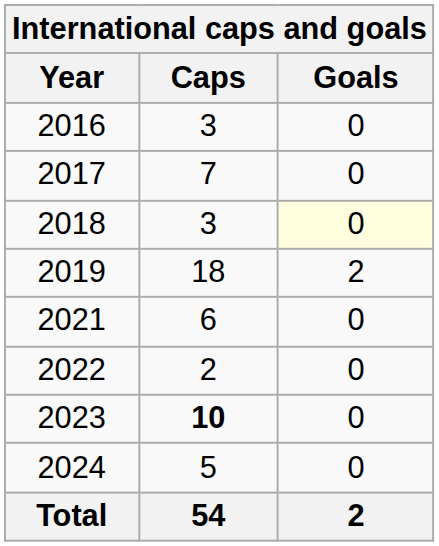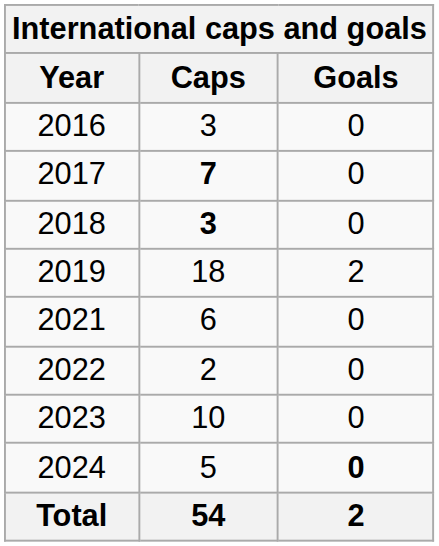 <table class="wikitable sortable" style="text-align:center">
 <tr>
 <th colspan="3">International caps and goals</th>
 </tr>
 <tr>
 <th>Year</th>
 <th>Caps</th>
 <th>Goals</th>
 </tr>
 <tr>
 <td>2016</td>
 <td>3</td>
 <td>0</td>
 </tr>
 <tr>
 <td>2017</td>
-<td>7</td>
+<td><strong>7</strong></td>
 <td>0</td>
 </tr>
 <tr>
 <td>2018</td>
-<td>3</td>
-<td style="background: lightyellow;">0</td>
+<td><strong>3</strong></td>
+<td>0</td>
 </tr>
 <tr>
 <td>2019</td>
 <td>18</td>
 <td>2</td>
 </tr>
 <tr>
 <td>2021</td>
 <td>6</td>
 <td>0</td>
 </tr>
 <tr>
 <td>2022</td>
 <td>2</td>
 <td>0</td>
 </tr>
 <tr>
 <td>2023</td>
-<td><strong>10</strong></td>
+<td>10</td>
 <td>0</td>
 </tr>
 <tr>
 <td>2024</td>
 <td>5</td>
-<td>0</td>
+<td><strong>0</strong></td>
 </tr>
 <tr>
 <th>Total</th>
 <th>54</th>
 <th>2</th>
 </tr>
 </table>
